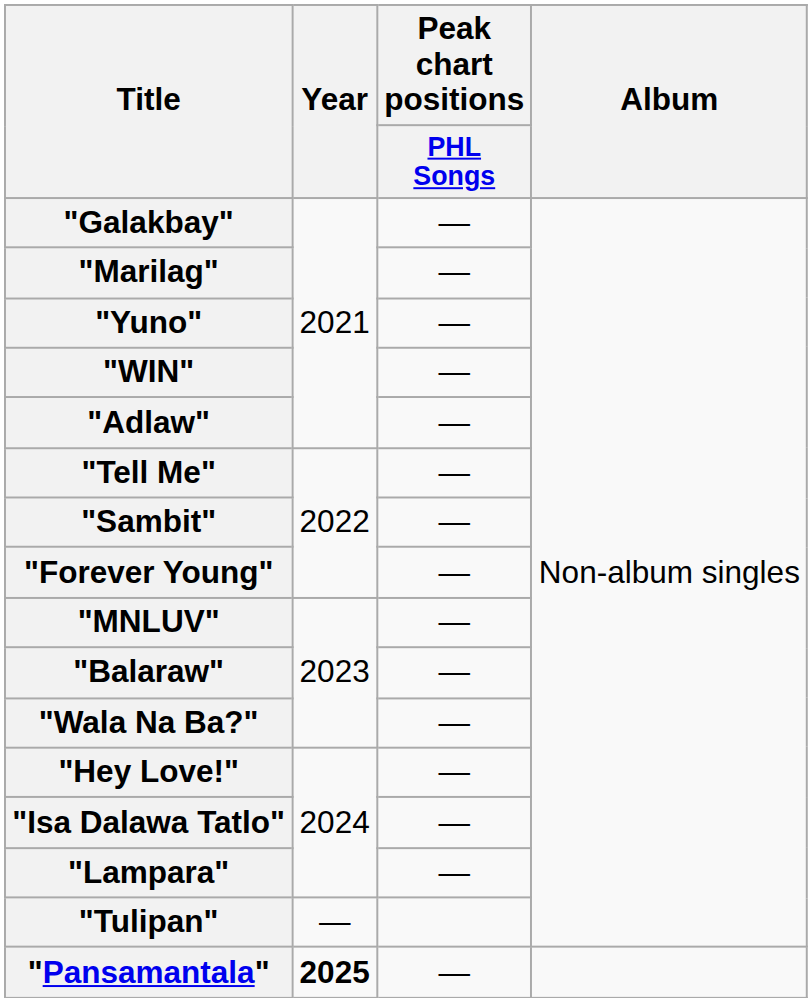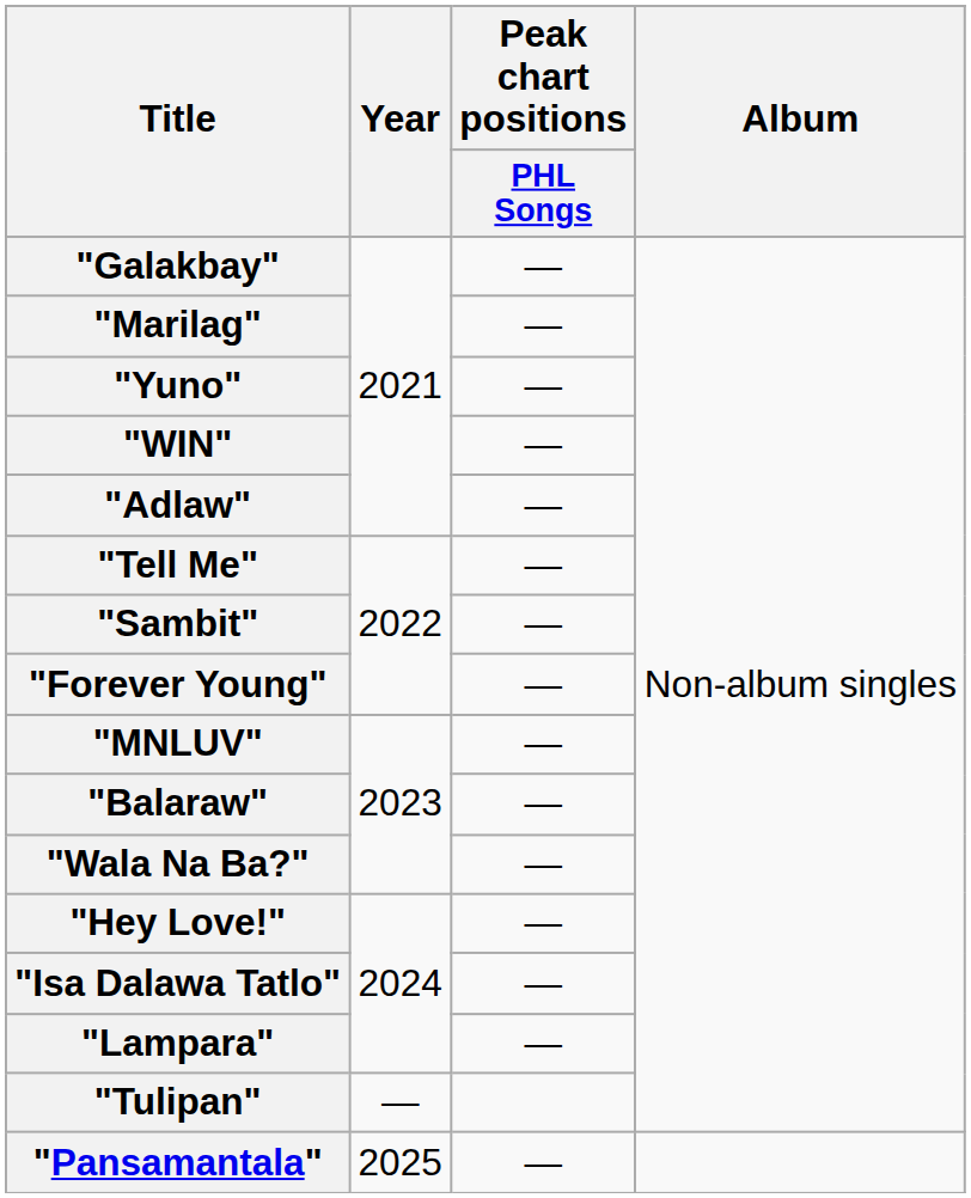 <table class="wikitable plainrowheaders" style="text-align:center;">
 <tr>
 <th scope="col" rowspan="2">Title</th>
 <th scope="col" rowspan="2">Year</th>
 <th scope="col" colspan="1">Peak chart positions</th>
 <th scope="col" rowspan="2">Album</th>
 </tr>
 <tr>
 <th scope="col" style="font-size:85%; width:2.85em"><a href='#'>PHL<br>Songs</a></th>
 </tr>
 <tr>
 <th scope="row">"Galakbay"</th>
 <td rowspan="5">2021</td>
 <td>—</td>
 <td rowspan="15">Non-album singles</td>
 </tr>
 <tr>
 <th scope="row">"Marilag"</th>
 <td>—</td>
 </tr>
 <tr>
 <th scope="row">"Yuno"</th>
 <td>—</td>
 </tr>
 <tr>
 <th scope="row">"WIN"</th>
 <td>—</td>
 </tr>
 <tr>
 <th scope="row">"Adlaw"</th>
 <td>—</td>
 </tr>
 <tr>
 <th scope="row">"Tell Me"</th>
 <td rowspan="3">2022</td>
 <td>—</td>
 </tr>
 <tr>
 <th scope="row">"Sambit"</th>
 <td>—</td>
 </tr>
 <tr>
 <th scope="row">"Forever Young"</th>
 <td>—</td>
 </tr>
 <tr>
 <th scope="row">"MNLUV"</th>
 <td rowspan="3">2023</td>
 <td>—</td>
 </tr>
 <tr>
 <th scope="row">"Balaraw"</th>
 <td>—</td>
 </tr>
 <tr>
 <th scope="row">"Wala Na Ba?"</th>
 <td>—</td>
 </tr>
 <tr>
 <th scope="row">"Hey Love!"</th>
 <td rowspan="3">2024</td>
 <td>—</td>
 </tr>
 <tr>
 <th scope="row">"Isa Dalawa Tatlo"</th>
 <td>—</td>
 </tr>
 <tr>
 <th scope="row">"Lampara"</th>
 <td>—</td>
 </tr>
 <tr>
 <th scope="row">"Tulipan"</th>
 <td>—</td>
 </tr>
 <tr>
 <th scope="row">"<a href='#'>Pansamantala</a>"</th>
-<td><strong>2025</strong></td>
+<td>2025</td>
 <td>—</td>
 </tr>
 </table>
